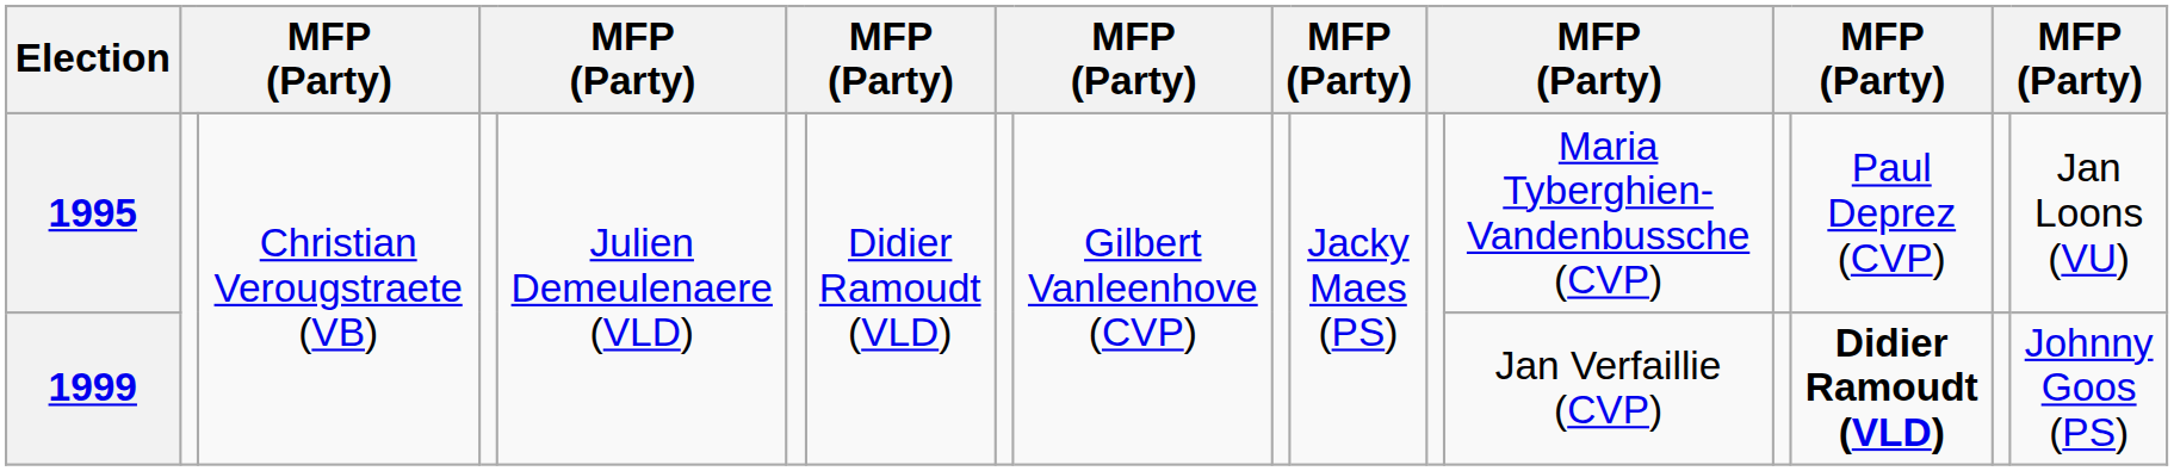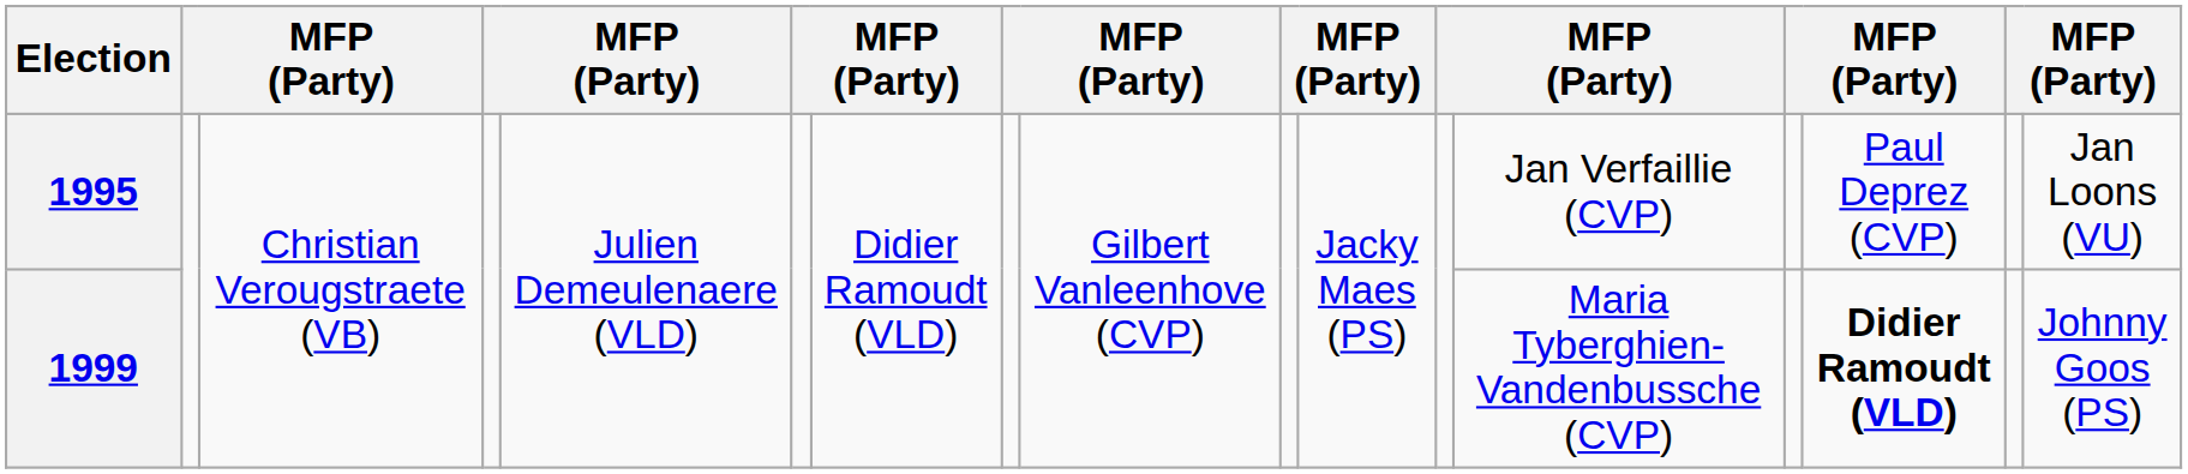 <table class="wikitable" style="text-align:center">
 <tr>
 <th>Election</th>
 <th colspan=2>MFP<br>(Party)</th>
 <th colspan=2>MFP<br>(Party)</th>
 <th colspan=2>MFP<br>(Party)</th>
 <th colspan=2>MFP<br>(Party)</th>
 <th colspan=2>MFP<br>(Party)</th>
 <th colspan=2>MFP<br>(Party)</th>
 <th colspan=2>MFP<br>(Party)</th>
 <th colspan=2>MFP<br>(Party)</th>
 </tr>
 <tr>
 <th><a href='#'>1995</a></th>
 <td rowspan=2; style="background-color: "></td>
 <td rowspan=2><a href='#'>Christian Verougstraete</a><br>(<a href='#'>VB</a>)</td>
 <td rowspan=2; style="background-color: "></td>
 <td rowspan=2><a href='#'>Julien Demeulenaere</a><br>(<a href='#'>VLD</a>)</td>
 <td rowspan=2; style="background-color: "></td>
 <td rowspan=2><a href='#'>Didier Ramoudt</a><br>(<a href='#'>VLD</a>)</td>
 <td rowspan=2; style="background-color: "></td>
 <td rowspan=2><a href='#'>Gilbert Vanleenhove</a><br>(<a href='#'>CVP</a>)</td>
 <td rowspan=2; style="background-color: "></td>
 <td rowspan=2><a href='#'>Jacky Maes</a><br>(<a href='#'>PS</a>)</td>
 <td rowspan=2; style="background-color: "></td>
-<td><a href='#'>Maria Tyberghien-Vandenbussche</a><br>(<a href='#'>CVP</a>)</td>
+<td>Jan Verfaillie<br>(<a href='#'>CVP</a>)</td>
 <td rowspan=1; style="background-color: "></td>
 <td><a href='#'>Paul Deprez</a><br>(<a href='#'>CVP</a>)</td>
 <td rowspan=1; style="background-color: "></td>
 <td>Jan Loons<br>(<a href='#'>VU</a>)</td>
 </tr>
 <tr>
 <th><a href='#'>1999</a></th>
-<td>Jan Verfaillie<br>(<a href='#'>CVP</a>)</td>
+<td><a href='#'>Maria Tyberghien-Vandenbussche</a><br>(<a href='#'>CVP</a>)</td>
 <td rowspan=1; style="background-color: "></td>
 <td><strong>Didier Ramoudt<br>(<a href='#'>VLD</a>)</strong></td>
 <td rowspan=1; style="background-color: "></td>
 <td><a href='#'>Johnny Goos</a><br>(<a href='#'>PS</a>)</td>
 </tr>
 </table>
